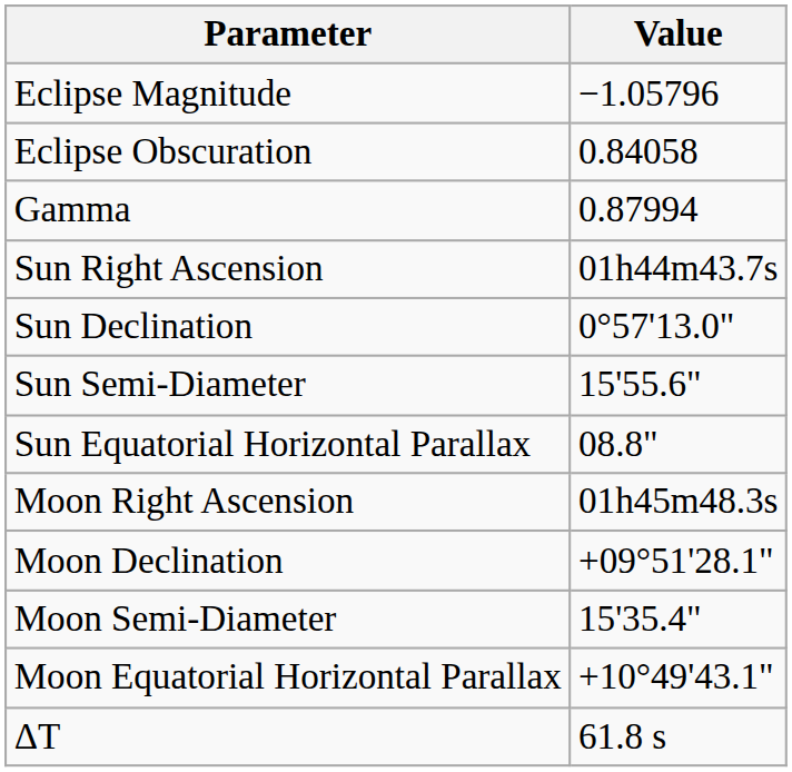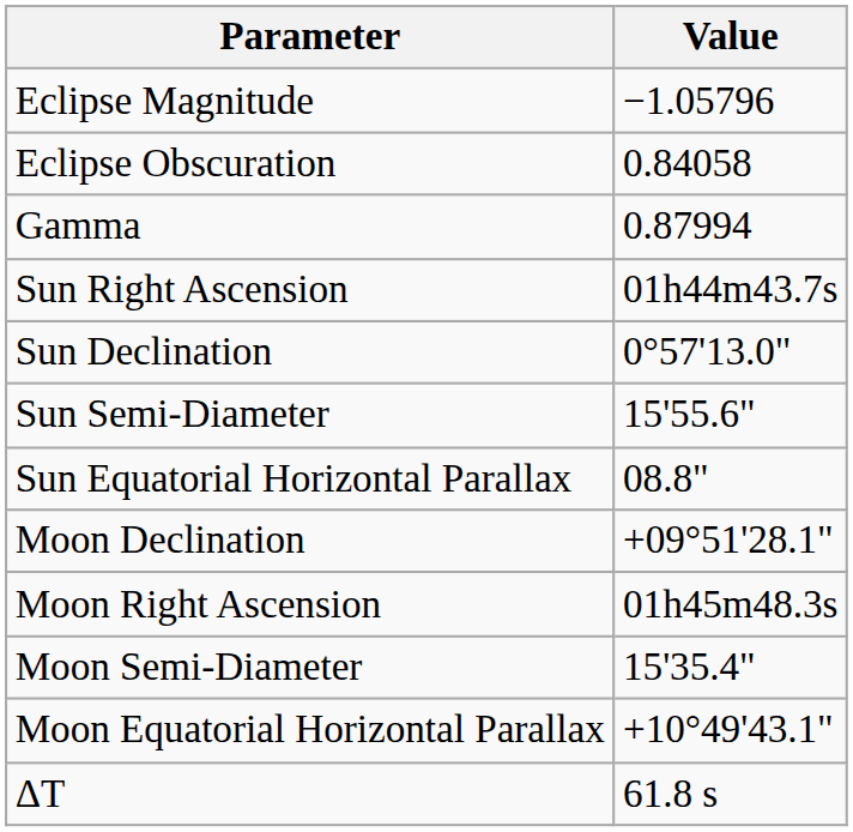 <table class="wikitable">
 <tr>
 <th>Parameter</th>
 <th>Value</th>
 </tr>
 <tr>
 <td>Eclipse Magnitude</td>
 <td>−1.05796</td>
 </tr>
 <tr>
 <td>Eclipse Obscuration</td>
 <td>0.84058</td>
 </tr>
 <tr>
 <td>Gamma</td>
 <td>0.87994</td>
 </tr>
 <tr>
 <td>Sun Right Ascension</td>
 <td>01h44m43.7s</td>
 </tr>
 <tr>
 <td>Sun Declination</td>
 <td>0°57'13.0"</td>
 </tr>
 <tr>
 <td>Sun Semi-Diameter</td>
 <td>15'55.6"</td>
 </tr>
 <tr>
 <td>Sun Equatorial Horizontal Parallax</td>
 <td>08.8"</td>
 </tr>
 <tr>
+<td>Moon Declination</td>
+<td>+09°51'28.1"</td>
+</tr>
+<tr>
 <td>Moon Right Ascension</td>
 <td>01h45m48.3s</td>
-</tr>
-<tr>
-<td>Moon Declination</td>
-<td>+09°51'28.1"</td>
 </tr>
 <tr>
 <td>Moon Semi-Diameter</td>
 <td>15'35.4"</td>
 </tr>
 <tr>
 <td>Moon Equatorial Horizontal Parallax</td>
 <td>+10°49'43.1"</td>
 </tr>
 <tr>
 <td>ΔT</td>
 <td>61.8 s</td>
 </tr>
 </table>
